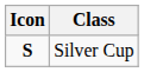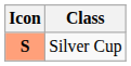 <table class="wikitable" style="font-size: 85%;">
 <tr>
 <th>Icon</th>
 <th>Class</th>
 </tr>
 <tr>
-<td align=center><strong><span>S</span></strong></td>
+<td align=center style="background: lightsalmon;"><strong><span>S</span></strong></td>
 <td>Silver Cup</td>
 </tr>
 </table>
